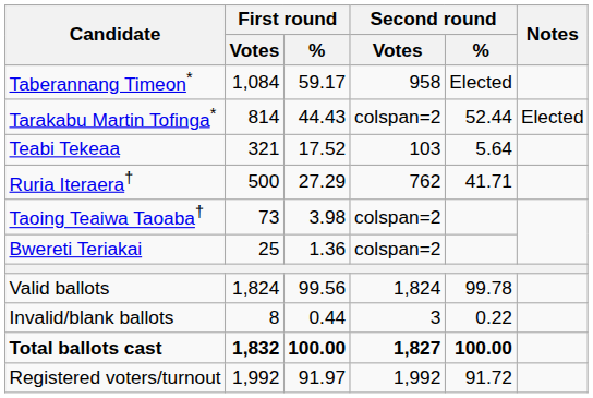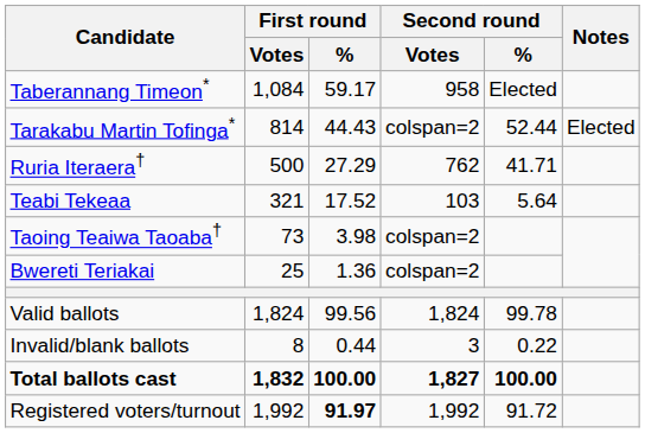 <table class=wikitable style=text-align:right>
 <tr>
 <th rowspan=2>Candidate</th>
 <th colspan=2>First round</th>
 <th colspan=2>Second round</th>
 <th rowspan=2>Notes</th>
 </tr>
 <tr>
 <th>Votes</th>
 <th>%</th>
 <th>Votes</th>
 <th>%</th>
 </tr>
 <tr>
 <td align=left><a href='#'>Taberannang Timeon</a><sup>*</sup></td>
 <td>1,084</td>
 <td>59.17</td>
 <td>958</td>
 <td>Elected</td>
 </tr>
 <tr>
 <td align=left><a href='#'>Tarakabu Martin Tofinga</a><sup>*</sup></td>
 <td>814</td>
 <td>44.43</td>
 <td>colspan=2 </td>
 <td>52.44</td>
 <td>Elected</td>
 </tr>
 <tr>
+<td align=left><a href='#'>Ruria Iteraera</a><sup>†</sup></td>
+<td>500</td>
+<td>27.29</td>
+<td>762</td>
+<td>41.71</td>
+<td></td>
+</tr>
+<tr>
 <td align=left><a href='#'>Teabi Tekeaa</a></td>
 <td>321</td>
 <td>17.52</td>
 <td>103</td>
 <td>5.64</td>
-<td></td>
-</tr>
-<tr>
-<td align=left><a href='#'>Ruria Iteraera</a><sup>†</sup></td>
-<td>500</td>
-<td>27.29</td>
-<td>762</td>
-<td>41.71</td>
 <td></td>
 </tr>
 <tr>
 <td align=left><a href='#'>Taoing Teaiwa Taoaba</a><sup>†</sup></td>
 <td>73</td>
 <td>3.98</td>
 <td>colspan=2 </td>
 <td></td>
 </tr>
 <tr>
 <td align=left><a href='#'>Bwereti Teriakai</a></td>
 <td>25</td>
 <td>1.36</td>
 <td>colspan=2 </td>
 <td></td>
 </tr>
 <tr>
 <th colspan=6></th>
 </tr>
 <tr>
 <td align=left>Valid ballots</td>
 <td>1,824</td>
 <td>99.56</td>
 <td>1,824</td>
 <td>99.78</td>
 <td></td>
 </tr>
 <tr>
 <td align=left>Invalid/blank ballots</td>
 <td>8</td>
 <td>0.44</td>
 <td>3</td>
 <td>0.22</td>
 <td></td>
 </tr>
 <tr style="font-weight:bold">
 <td align=left>Total ballots cast</td>
 <td>1,832</td>
 <td>100.00</td>
 <td>1,827</td>
 <td>100.00</td>
 <td></td>
 </tr>
 <tr>
 <td align=left>Registered voters/turnout</td>
 <td>1,992</td>
-<td>91.97</td>
+<td><strong>91.97</strong></td>
 <td>1,992</td>
 <td>91.72</td>
 <td></td>
 </tr>
 </table>
